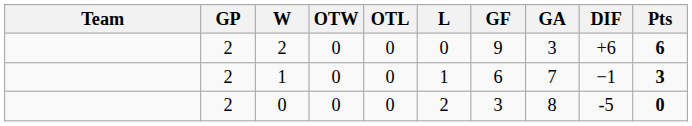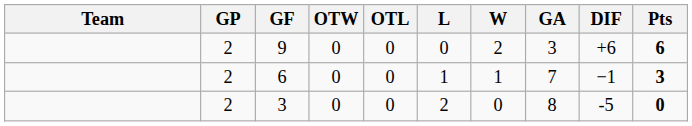 <table class="wikitable" style="text-align:center;">
 <tr>
 <th width=165>Team</th>
 <th width=40>GP</th>
-<th width=40>W</th>
+<th width=40>GF</th>
 <th width=40>OTW</th>
 <th width=40>OTL</th>
 <th width=40>L</th>
-<th width=40>GF</th>
+<th width=40>W</th>
 <th width=40>GA</th>
 <th width=40>DIF</th>
 <th width=40>Pts</th>
 </tr>
 <tr>
 <td style="text-align:left;"></td>
 <td>2</td>
-<td>2</td>
+<td>9</td>
 <td>0</td>
 <td>0</td>
 <td>0</td>
-<td>9</td>
+<td>2</td>
 <td>3</td>
 <td>+6</td>
 <td><strong>6</strong></td>
 </tr>
 <tr>
 <td style="text-align:left;"></td>
 <td>2</td>
-<td>1</td>
+<td>6</td>
 <td>0</td>
 <td>0</td>
 <td>1</td>
-<td>6</td>
+<td>1</td>
 <td>7</td>
 <td>−1</td>
 <td><strong>3</strong></td>
 </tr>
 <tr>
 <td style="text-align:left;"></td>
 <td>2</td>
-<td>0</td>
+<td>3</td>
 <td>0</td>
 <td>0</td>
 <td>2</td>
-<td>3</td>
+<td>0</td>
 <td>8</td>
 <td>-5</td>
 <td><strong>0</strong></td>
 </tr>
 </table>
